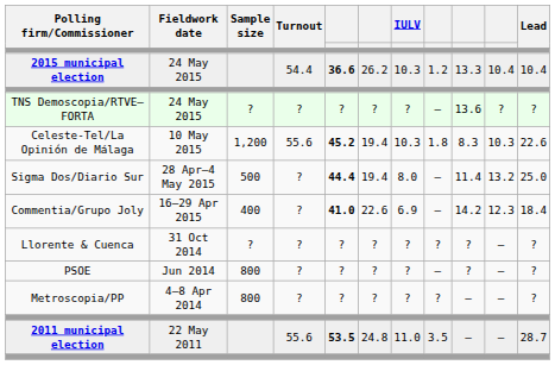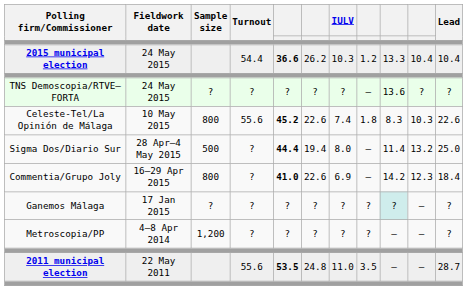 <table class="wikitable collapsible collapsed" style="text-align:center; font-size:95%; line-height:16px;">
 <tr style="height:42px;">
 <th style="width:250px;" rowspan="2">Polling firm/Commissioner</th>
 <th style="width:125px;" rowspan="2">Fieldwork date</th>
 <th style="width:50px;" rowspan="2">Sample size</th>
 <th style="width:45px;" rowspan="2">Turnout</th>
 <th style="width:35px;"></th>
 <th style="width:35px;"></th>
 <th style="width:35px;"><a href='#'>IULV</a></th>
 <th style="width:35px;"></th>
 <th style="width:35px;"></th>
 <th style="width:35px;"></th>
 <th style="width:30px;" rowspan="2">Lead</th>
 </tr>
 <tr>
 <th style="color:inherit;background:"></th>
 <th style="color:inherit;background:"></th>
 <th style="color:inherit;background:"></th>
 <th style="color:inherit;background:"></th>
 <th style="color:inherit;background:"></th>
 <th style="color:inherit;background:"></th>
 </tr>
 <tr>
 <td colspan="11" style="background:#A0A0A0"></td>
 </tr>
 <tr style="background:#EFEFEF;">
 <td><strong><a href='#'>2015 municipal election</a></strong></td>
 <td>24 May 2015</td>
 <td></td>
 <td>54.4</td>
 <td><strong>36.6</strong><br></td>
 <td>26.2<br></td>
 <td>10.3<br></td>
 <td>1.2<br></td>
 <td>13.3<br></td>
 <td>10.4<br></td>
 <td style="background:">10.4</td>
 </tr>
 <tr>
 <td colspan="11" style="background:#A0A0A0"></td>
 </tr>
 <tr style="background:#EAFFEA;">
 <td>TNS Demoscopia/RTVE–FORTA</td>
 <td>24 May 2015</td>
 <td>?</td>
 <td>?</td>
 <td>?<br></td>
 <td>?<br></td>
 <td>?<br></td>
 <td>–</td>
 <td>13.6<br></td>
 <td>?<br></td>
 <td style="background:">?</td>
 </tr>
 <tr>
 <td>Celeste-Tel/La Opinión de Málaga</td>
 <td>10 May 2015</td>
-<td>1,200</td>
+<td>800</td>
 <td>55.6</td>
 <td><strong>45.2</strong><br></td>
-<td>19.4<br></td>
-<td>10.3<br></td>
+<td>22.6<br></td>
+<td>7.4<br></td>
 <td>1.8<br></td>
 <td>8.3<br></td>
 <td>10.3<br></td>
 <td style="background:">22.6</td>
 </tr>
 <tr>
 <td>Sigma Dos/Diario Sur</td>
 <td>28 Apr–4 May 2015</td>
 <td>500</td>
 <td>?</td>
 <td><strong>44.4</strong><br></td>
 <td>19.4<br></td>
 <td>8.0<br></td>
 <td>–</td>
 <td>11.4<br></td>
 <td>13.2<br></td>
 <td style="background:">25.0</td>
 </tr>
 <tr>
 <td>Commentia/Grupo Joly</td>
 <td>16–29 Apr 2015</td>
-<td>400</td>
+<td>800</td>
 <td>?</td>
 <td><strong>41.0</strong><br></td>
 <td>22.6<br></td>
 <td>6.9<br></td>
 <td>–</td>
 <td>14.2<br></td>
 <td>12.3<br></td>
 <td style="background:">18.4</td>
 </tr>
 <tr>
-<td>Llorente & Cuenca</td>
-<td>31 Oct 2014</td>
+<td>Ganemos Málaga</td>
+<td>17 Jan 2015</td>
 <td>?</td>
 <td>?</td>
 <td>?<br></td>
 <td>?<br></td>
 <td>?<br></td>
 <td>?<br></td>
-<td>?<br></td>
-<td>–</td>
-<td style="background:">?</td>
-</tr>
-<tr>
-<td>PSOE</td>
-<td>Jun 2014</td>
-<td>800</td>
-<td>?</td>
-<td>?<br></td>
-<td>?<br></td>
-<td>?<br></td>
-<td>–</td>
-<td>?<br></td>
+<td style="background:#CFEDEC">?<br></td>
 <td>–</td>
 <td style="background:">?</td>
 </tr>
 <tr>
 <td>Metroscopia/PP</td>
 <td>4–8 Apr 2014</td>
-<td>800</td>
+<td>1,200</td>
 <td>?</td>
 <td>?<br></td>
 <td>?<br></td>
 <td>?<br></td>
 <td>?<br></td>
 <td>–</td>
 <td>–</td>
 <td style="background:">?</td>
 </tr>
 <tr>
 <td colspan="11" style="background:#A0A0A0"></td>
 </tr>
 <tr style="background:#EFEFEF;">
 <td><strong><a href='#'>2011 municipal election</a></strong></td>
 <td>22 May 2011</td>
 <td></td>
 <td>55.6</td>
 <td><strong>53.5</strong><br></td>
 <td>24.8<br></td>
 <td>11.0<br></td>
 <td>3.5<br></td>
 <td>–</td>
 <td>–</td>
 <td style="background:">28.7</td>
 </tr>
 <tr>
 <td colspan="11" style="background:#A0A0A0"></td>
 </tr>
 </table>
